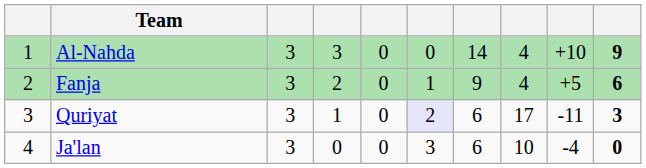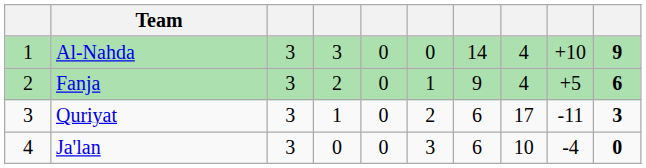 <table class="wikitable" style="text-align: center;">
 <tr>
 <th width=30></th>
 <th width=165>Team</th>
 <th width=30></th>
 <th width=30></th>
 <th width=30></th>
 <th width=30></th>
 <th width=30></th>
 <th width=30></th>
 <th width=30></th>
 <th width=30></th>
 </tr>
 <tr bgcolor=#ACE1AF>
 <td>1</td>
 <td align=left><a href='#'>Al-Nahda</a></td>
 <td>3</td>
 <td>3</td>
 <td>0</td>
 <td>0</td>
 <td>14</td>
 <td>4</td>
 <td>+10</td>
 <td><strong>9</strong></td>
 </tr>
 <tr bgcolor=#ACE1AF>
 <td>2</td>
 <td align=left><a href='#'>Fanja</a></td>
 <td>3</td>
 <td>2</td>
 <td>0</td>
 <td>1</td>
 <td>9</td>
 <td>4</td>
 <td>+5</td>
 <td><strong>6</strong></td>
 </tr>
 <tr>
 <td>3</td>
 <td align=left><a href='#'>Quriyat</a></td>
 <td>3</td>
 <td>1</td>
 <td>0</td>
-<td style="background: lavender;">2</td>
+<td>2</td>
 <td>6</td>
 <td>17</td>
 <td>-11</td>
 <td><strong>3</strong></td>
 </tr>
 <tr>
 <td>4</td>
 <td align=left><a href='#'>Ja'lan</a></td>
 <td>3</td>
 <td>0</td>
 <td>0</td>
 <td>3</td>
 <td>6</td>
 <td>10</td>
 <td>-4</td>
 <td><strong>0</strong></td>
 </tr>
 </table>
